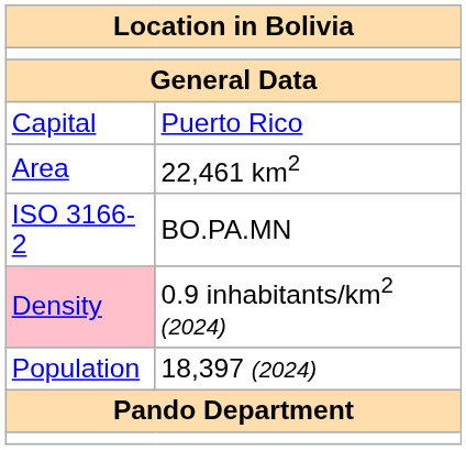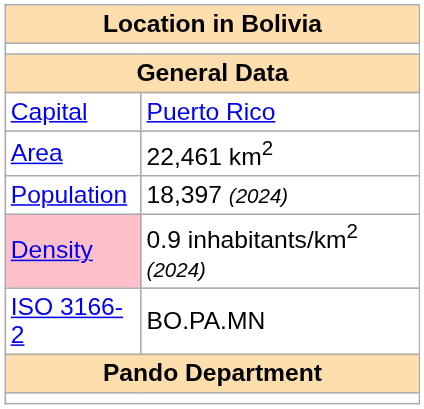 <table border=1 align=right cellpadding=3 cellspacing=0 width=270 style="margin: 0 0 1em 1em; border: 1px #aaa solid; border-collapse: collapse;">
 <tr>
 <th colspan="2" bgcolor="#FFDEAD">Location in Bolivia</th>
 </tr>
 <tr>
 <td colspan="2" align="center" bgcolor="#ffffff"></td>
 </tr>
 <tr>
 <th colspan="2" bgcolor="#FFDEAD">General Data</th>
 </tr>
 <tr>
 <td><a href='#'>Capital</a></td>
 <td><a href='#'>Puerto Rico</a></td>
 </tr>
 <tr>
 <td><a href='#'>Area</a></td>
 <td>22,461 km<sup>2</sup></td>
 </tr>
 <tr>
-<td><a href='#'>ISO 3166-2</a></td>
-<td>BO.PA.MN</td>
+<td><a href='#'>Population</a></td>
+<td>18,397 <em><small>(2024)</small></em></td>
 </tr>
 <tr>
 <td style="background: pink;"><a href='#'>Density</a></td>
 <td>0.9 inhabitants/km<sup>2</sup> <em><small>(2024)</small></em></td>
 </tr>
 <tr>
-<td><a href='#'>Population</a></td>
-<td>18,397 <em><small>(2024)</small></em></td>
+<td><a href='#'>ISO 3166-2</a></td>
+<td>BO.PA.MN</td>
 </tr>
 <tr>
 <th colspan="2" bgcolor="#FFDEAD">Pando Department</th>
 </tr>
 <tr>
 <td colspan="2" align="center" bgcolor="#ffffff"></td>
 </tr>
 </table>
